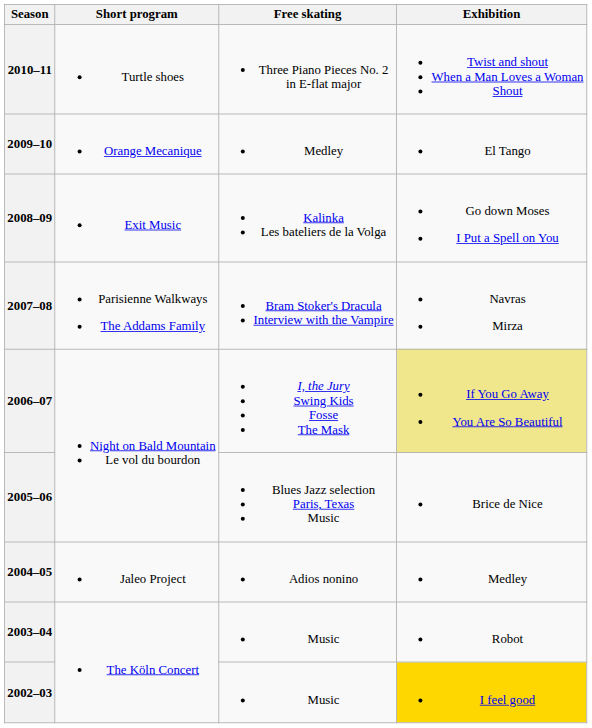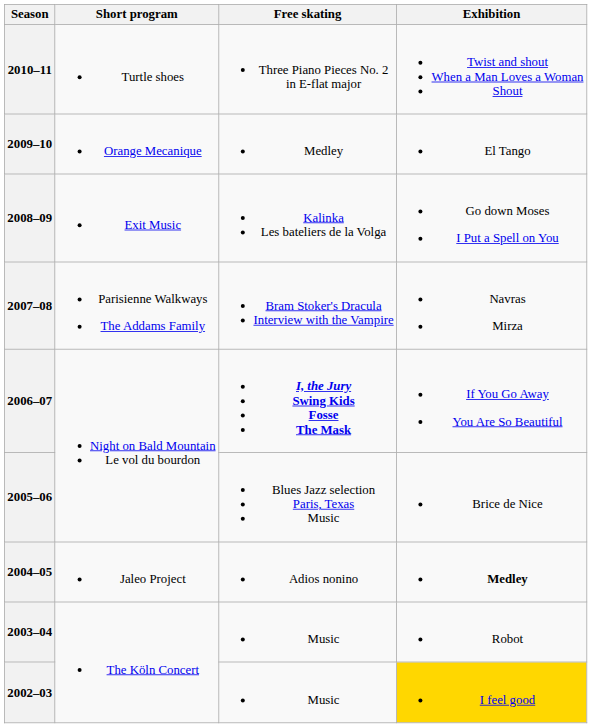 <table class="wikitable" style="text-align:center">
 <tr>
 <th>Season</th>
 <th>Short program</th>
 <th>Free skating</th>
 <th>Exhibition</th>
 </tr>
 <tr>
 <th>2010–11 <br> </th>
 <td><br><ul><li>Turtle shoes <br></li></ul></td>
 <td><br><ul><li>Three Piano Pieces No. 2 <br>in E-flat major <br></li></ul></td>
 <td><br><ul><li><a href='#'>Twist and shout</a><br></li><li><a href='#'>When a Man Loves a Woman</a> <br></li><li><a href='#'>Shout</a> <br></li></ul></td>
 </tr>
 <tr>
 <th>2009–10 <br> </th>
 <td><br><ul><li><a href='#'>Orange Mecanique</a> <br></li></ul></td>
 <td><br><ul><li>Medley <br></li></ul></td>
 <td><br><ul><li>El Tango <br></li></ul></td>
 </tr>
 <tr>
 <th>2008–09 <br> </th>
 <td><br><ul><li><a href='#'>Exit Music</a> <br></li></ul></td>
 <td><br><ul><li><a href='#'>Kalinka</a></li><li>Les bateliers de la Volga <br></li></ul></td>
 <td><br><ul><li>Go down Moses <br></li></ul><ul><li><a href='#'>I Put a Spell on You</a> <br></li></ul></td>
 </tr>
 <tr>
 <th>2007–08</th>
 <td><br><ul><li>Parisienne Walkways <br></li></ul><ul><li><a href='#'>The Addams Family</a><br></li></ul></td>
 <td><br><ul><li><a href='#'>Bram Stoker's Dracula</a> <br></li><li><a href='#'>Interview with the Vampire</a> <br></li></ul></td>
 <td><br><ul><li>Navras <br></li></ul><ul><li>Mirza <br></li></ul></td>
 </tr>
 <tr>
 <th>2006–07</th>
 <td rowspan=2><br><ul><li><a href='#'>Night on Bald Mountain</a> <br></li><li>Le vol du bourdon  <br></li></ul></td>
-<td><br><ul><li><em><a href='#'>I, the Jury</a></em> <br></li><li><a href='#'>Swing Kids</a> <br></li><li><a href='#'>Fosse</a></li><li><a href='#'>The Mask</a> <br></li></ul></td>
-<td style="background: khaki;"><br><ul><li><a href='#'>If You Go Away</a> <br></li></ul><ul><li><a href='#'>You Are So Beautiful</a> <br></li></ul></td>
+<td><strong><br><ul><li><em><a href='#'>I, the Jury</a></em> <br></li><li><a href='#'>Swing Kids</a> <br></li><li><a href='#'>Fosse</a></li><li><a href='#'>The Mask</a> <br></li></ul></strong></td>
+<td><br><ul><li><a href='#'>If You Go Away</a> <br></li></ul><ul><li><a href='#'>You Are So Beautiful</a> <br></li></ul></td>
 </tr>
 <tr>
 <th>2005–06</th>
 <td><br><ul><li>Blues Jazz selection <br></li><li><a href='#'>Paris, Texas</a> <br></li><li>Music <br></li></ul></td>
 <td><br><ul><li>Brice de Nice <br></li></ul></td>
 </tr>
 <tr>
 <th>2004–05</th>
 <td><br><ul><li>Jaleo Project <br></li></ul></td>
 <td><br><ul><li>Adios nonino <br></li></ul></td>
-<td><br><ul><li>Medley <br></li></ul></td>
+<td><strong><br><ul><li>Medley <br></li></ul></strong></td>
 </tr>
 <tr>
 <th>2003–04</th>
 <td rowspan=2><br><ul><li><a href='#'>The Köln Concert</a> <br></li></ul></td>
 <td><br><ul><li>Music <br> </li></ul></td>
 <td><br><ul><li>Robot</li></ul></td>
 </tr>
 <tr>
 <th>2002–03 <br> </th>
 <td><br><ul><li>Music <br></li></ul></td>
 <td style="background: gold;"><br><ul><li><a href='#'>I feel good</a> <br></li></ul></td>
 </tr>
 </table>
